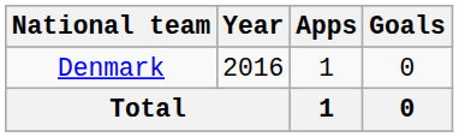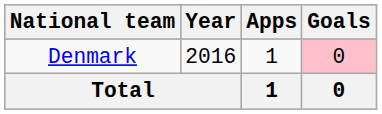 <table class="wikitable" style="text-align: center;">
 <tr>
 <th>National team</th>
 <th>Year</th>
 <th>Apps</th>
 <th>Goals</th>
 </tr>
 <tr>
 <td><a href='#'>Denmark</a></td>
 <td>2016</td>
 <td>1</td>
-<td>0</td>
+<td style="background: pink;">0</td>
 </tr>
 <tr>
 <th colspan=2>Total</th>
 <th>1</th>
 <th>0</th>
 </tr>
 </table>
